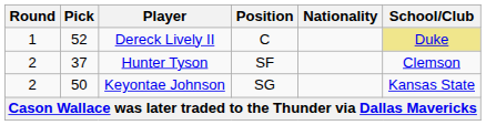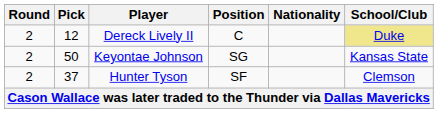 <table class="wikitable sortable sortable">
 <tr>
 <th>Round</th>
 <th>Pick</th>
 <th>Player</th>
 <th>Position</th>
 <th>Nationality</th>
 <th>School/Club</th>
 </tr>
 <tr style="text-align: center">
-<td>1</td>
-<td>52</td>
+<td>2</td>
+<td>12</td>
 <td><a href='#'>Dereck Lively II</a></td>
 <td>C</td>
 <td></td>
 <td style="background: khaki;"><a href='#'>Duke</a></td>
+</tr>
+<tr style="text-align: center">
+<td>2</td>
+<td>50</td>
+<td><a href='#'>Keyontae Johnson</a></td>
+<td>SG</td>
+<td></td>
+<td><a href='#'>Kansas State</a></td>
 </tr>
 <tr style="text-align: center">
 <td>2</td>
 <td>37</td>
 <td><a href='#'>Hunter Tyson</a></td>
 <td>SF</td>
 <td></td>
 <td><a href='#'>Clemson</a></td>
 </tr>
-<tr style="text-align: center">
-<td>2</td>
-<td>50</td>
-<td><a href='#'>Keyontae Johnson</a></td>
-<td>SG</td>
-<td></td>
-<td><a href='#'>Kansas State</a></td>
-</tr>
 <tr>
 <th scope="row" colspan="6" style="text-align:center;”"><a href='#'>Cason Wallace</a> was later traded to the Thunder via <a href='#'>Dallas Mavericks</a></th>
 </tr>
 </table>
